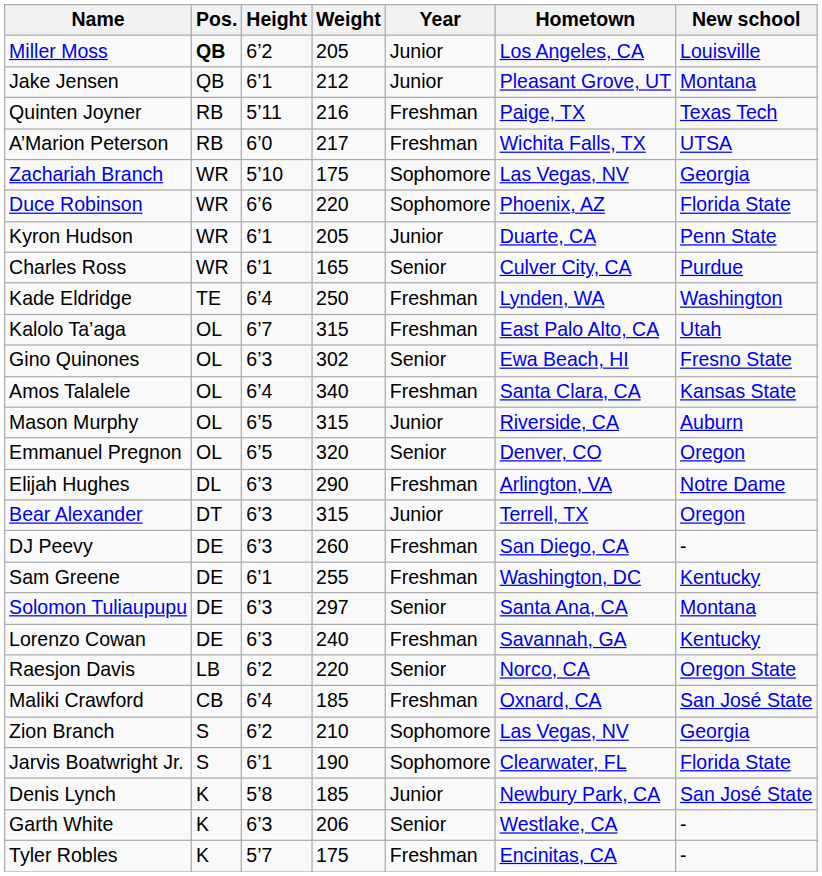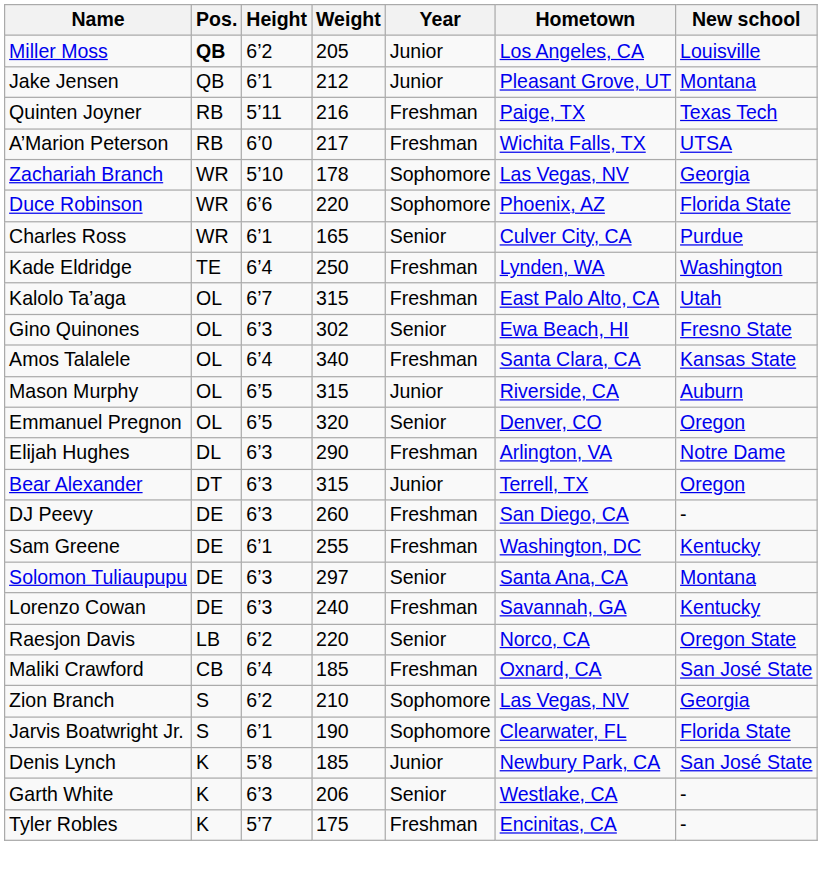 <table class="wikitable sortable">
 <tr>
 <th style="text-align:center; ">Name</th>
 <th style="text-align:center; ">Pos.</th>
 <th style="text-align:center; ">Height</th>
 <th style="text-align:center; ">Weight</th>
 <th style="text-align:center; ">Year</th>
 <th style="text-align:center; ">Hometown</th>
 <th style="text-align:center; ">New school</th>
 </tr>
 <tr>
 <td><a href='#'>Miller Moss</a></td>
 <td><strong>QB</strong></td>
 <td>6’2</td>
 <td>205</td>
 <td> Junior</td>
 <td><a href='#'>Los Angeles, CA</a></td>
 <td><a href='#'>Louisville</a></td>
 </tr>
 <tr>
 <td>Jake Jensen</td>
 <td>QB</td>
 <td>6’1</td>
 <td>212</td>
 <td> Junior</td>
 <td><a href='#'>Pleasant Grove, UT</a></td>
 <td><a href='#'>Montana</a></td>
 </tr>
 <tr>
 <td>Quinten Joyner</td>
 <td>RB</td>
 <td>5’11</td>
 <td>216</td>
 <td> Freshman</td>
 <td><a href='#'>Paige, TX</a></td>
 <td><a href='#'>Texas Tech</a></td>
 </tr>
 <tr>
 <td>A’Marion Peterson</td>
 <td>RB</td>
 <td>6’0</td>
 <td>217</td>
 <td> Freshman</td>
 <td><a href='#'>Wichita Falls, TX</a></td>
 <td><a href='#'>UTSA</a></td>
 </tr>
 <tr>
 <td><a href='#'>Zachariah Branch</a></td>
 <td>WR</td>
 <td>5’10</td>
-<td>175</td>
+<td>178</td>
 <td>Sophomore</td>
 <td><a href='#'>Las Vegas, NV</a></td>
 <td><a href='#'>Georgia</a></td>
 </tr>
 <tr>
 <td><a href='#'>Duce Robinson</a></td>
 <td>WR</td>
 <td>6’6</td>
 <td>220</td>
 <td>Sophomore</td>
 <td><a href='#'>Phoenix, AZ</a></td>
 <td><a href='#'>Florida State</a></td>
-</tr>
-<tr>
-<td>Kyron Hudson</td>
-<td>WR</td>
-<td>6’1</td>
-<td>205</td>
-<td> Junior</td>
-<td><a href='#'>Duarte, CA</a></td>
-<td><a href='#'>Penn State</a></td>
 </tr>
 <tr>
 <td>Charles Ross</td>
 <td>WR</td>
 <td>6’1</td>
 <td>165</td>
 <td> Senior</td>
 <td><a href='#'>Culver City, CA</a></td>
 <td><a href='#'>Purdue</a></td>
 </tr>
 <tr>
 <td>Kade Eldridge</td>
 <td>TE</td>
 <td>6’4</td>
 <td>250</td>
 <td> Freshman</td>
 <td><a href='#'>Lynden, WA</a></td>
 <td><a href='#'>Washington</a></td>
 </tr>
 <tr>
 <td>Kalolo Ta’aga</td>
 <td>OL</td>
 <td>6’7</td>
 <td>315</td>
 <td>Freshman</td>
 <td><a href='#'>East Palo Alto, CA</a></td>
 <td><a href='#'>Utah</a></td>
 </tr>
 <tr>
 <td>Gino Quinones</td>
 <td>OL</td>
 <td>6’3</td>
 <td>302</td>
 <td> Senior</td>
 <td><a href='#'>Ewa Beach, HI</a></td>
 <td><a href='#'>Fresno State</a></td>
 </tr>
 <tr>
 <td>Amos Talalele</td>
 <td>OL</td>
 <td>6’4</td>
 <td>340</td>
 <td> Freshman</td>
 <td><a href='#'>Santa Clara, CA</a></td>
 <td><a href='#'>Kansas State</a></td>
 </tr>
 <tr>
 <td>Mason Murphy</td>
 <td>OL</td>
 <td>6’5</td>
 <td>315</td>
 <td> Junior</td>
 <td><a href='#'>Riverside, CA</a></td>
 <td><a href='#'>Auburn</a></td>
 </tr>
 <tr>
 <td>Emmanuel Pregnon</td>
 <td>OL</td>
 <td>6’5</td>
 <td>320</td>
 <td> Senior</td>
 <td><a href='#'>Denver, CO</a></td>
 <td><a href='#'>Oregon</a></td>
 </tr>
 <tr>
 <td>Elijah Hughes</td>
 <td>DL</td>
 <td>6’3</td>
 <td>290</td>
 <td>Freshman</td>
 <td><a href='#'>Arlington, VA</a></td>
 <td><a href='#'>Notre Dame</a></td>
 </tr>
 <tr>
 <td><a href='#'>Bear Alexander</a></td>
 <td>DT</td>
 <td>6’3</td>
 <td>315</td>
 <td>Junior</td>
 <td><a href='#'>Terrell, TX</a></td>
 <td><a href='#'>Oregon</a></td>
 </tr>
 <tr>
 <td>DJ Peevy</td>
 <td>DE</td>
 <td>6’3</td>
 <td>260</td>
 <td> Freshman</td>
 <td><a href='#'>San Diego, CA</a></td>
 <td>-</td>
 </tr>
 <tr>
 <td>Sam Greene</td>
 <td>DE</td>
 <td>6’1</td>
 <td>255</td>
 <td> Freshman</td>
 <td><a href='#'>Washington, DC</a></td>
 <td><a href='#'>Kentucky</a></td>
 </tr>
 <tr>
 <td><a href='#'>Solomon Tuliaupupu</a></td>
 <td>DE</td>
 <td>6’3</td>
 <td>297</td>
 <td> Senior</td>
 <td><a href='#'>Santa Ana, CA</a></td>
 <td><a href='#'>Montana</a></td>
 </tr>
 <tr>
 <td>Lorenzo Cowan</td>
 <td>DE</td>
 <td>6’3</td>
 <td>240</td>
 <td>Freshman</td>
 <td><a href='#'>Savannah, GA</a></td>
 <td><a href='#'>Kentucky</a></td>
 </tr>
 <tr>
 <td>Raesjon Davis</td>
 <td>LB</td>
 <td>6’2</td>
 <td>220</td>
 <td>Senior</td>
 <td><a href='#'>Norco, CA</a></td>
 <td><a href='#'>Oregon State</a></td>
 </tr>
 <tr>
 <td>Maliki Crawford</td>
 <td>CB</td>
 <td>6’4</td>
 <td>185</td>
 <td> Freshman</td>
 <td><a href='#'>Oxnard, CA</a></td>
 <td><a href='#'>San José State</a></td>
 </tr>
 <tr>
 <td>Zion Branch</td>
 <td>S</td>
 <td>6’2</td>
 <td>210</td>
 <td> Sophomore</td>
 <td><a href='#'>Las Vegas, NV</a></td>
 <td><a href='#'>Georgia</a></td>
 </tr>
 <tr>
 <td>Jarvis Boatwright Jr.</td>
 <td>S</td>
 <td>6’1</td>
 <td>190</td>
 <td>Sophomore</td>
 <td><a href='#'>Clearwater, FL</a></td>
 <td><a href='#'>Florida State</a></td>
 </tr>
 <tr>
 <td>Denis Lynch</td>
 <td>K</td>
 <td>5’8</td>
 <td>185</td>
 <td> Junior</td>
 <td><a href='#'>Newbury Park, CA</a></td>
 <td><a href='#'>San José State</a></td>
 </tr>
 <tr>
 <td>Garth White</td>
 <td>K</td>
 <td>6’3</td>
 <td>206</td>
 <td>Senior</td>
 <td><a href='#'>Westlake, CA</a></td>
 <td>-</td>
 </tr>
 <tr>
 <td>Tyler Robles</td>
 <td>K</td>
 <td>5’7</td>
 <td>175</td>
 <td> Freshman</td>
 <td><a href='#'>Encinitas, CA</a></td>
 <td>-</td>
 </tr>
 </table>
